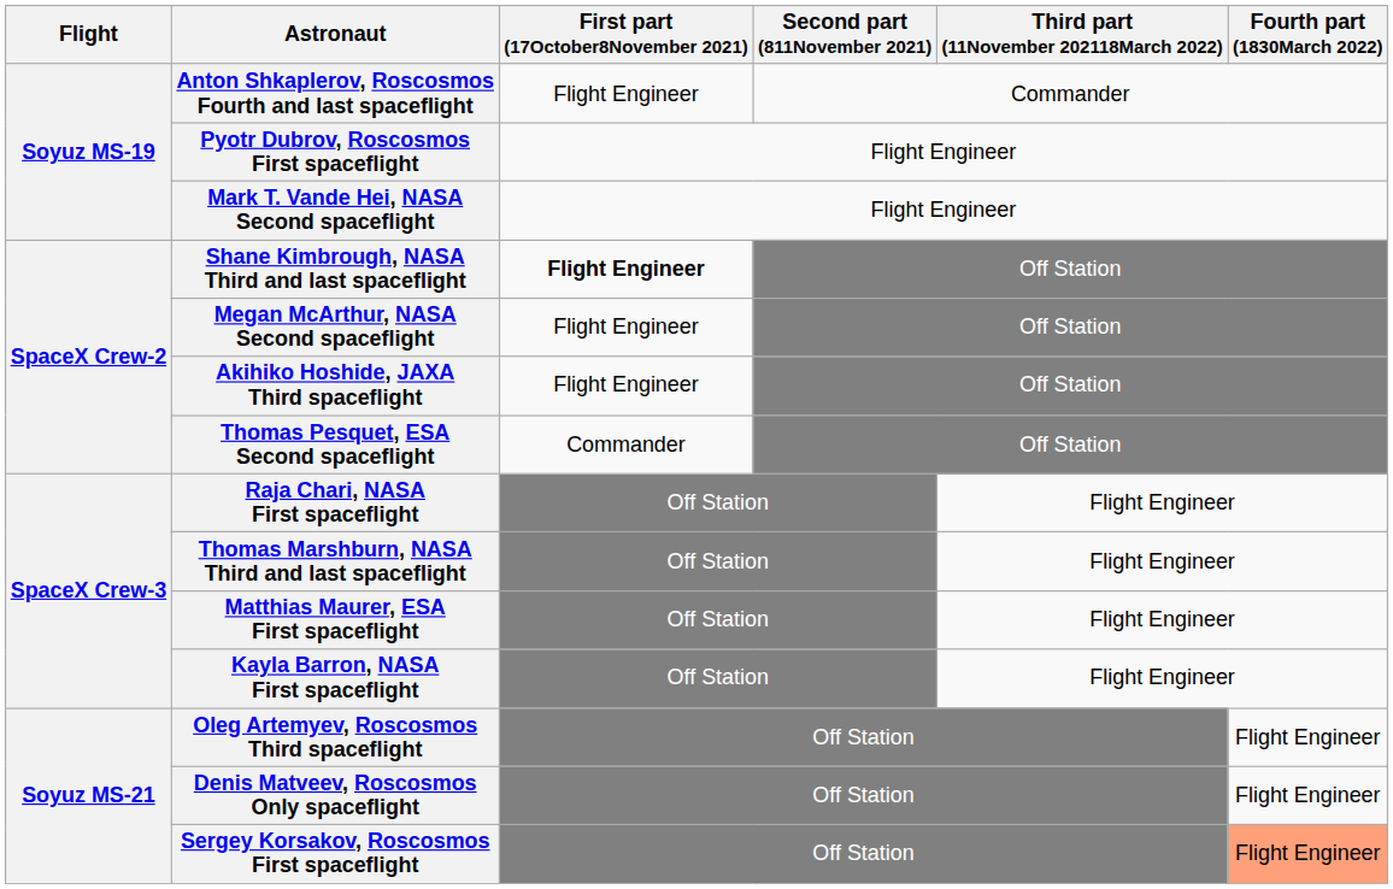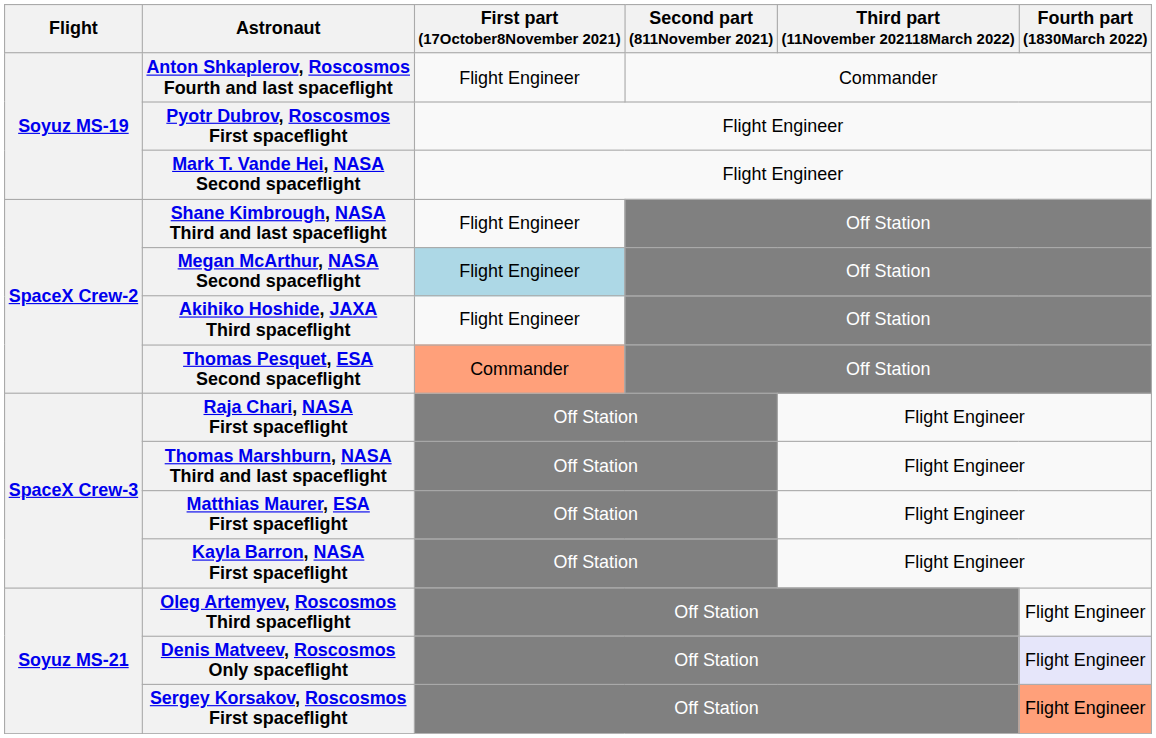 <table class="wikitable"style="text-align:center">
 <tr>
 <th>Flight</th>
 <th>Astronaut</th>
 <th>First part<br><small>(17October8November 2021)</small></th>
 <th>Second part<br><small>(811November 2021)</small></th>
 <th>Third part<br><small>(11November 202118March 2022)</small></th>
 <th>Fourth part<br><small>(1830March 2022)</small></th>
 </tr>
 <tr>
 <th rowspan="3"><a href='#'>Soyuz MS-19</a></th>
 <th> <a href='#'>Anton Shkaplerov</a>, <a href='#'>Roscosmos</a> <br> Fourth and last spaceflight</th>
 <td colspan="1">Flight Engineer</td>
 <td colspan="3">Commander</td>
 </tr>
 <tr>
 <th> <a href='#'>Pyotr Dubrov</a>, <a href='#'>Roscosmos</a> <br> First spaceflight</th>
 <td colspan="4">Flight Engineer</td>
 </tr>
 <tr>
 <th> <a href='#'>Mark T. Vande Hei</a>, <a href='#'>NASA</a> <br> Second spaceflight</th>
 <td colspan="4">Flight Engineer</td>
 </tr>
 <tr>
 <th rowspan="4"><a href='#'>SpaceX Crew-2</a></th>
 <th> <a href='#'>Shane Kimbrough</a>, <a href='#'>NASA</a><br> Third and last spaceflight</th>
-<td colspan="1"><strong>Flight Engineer</strong></td>
+<td colspan="1">Flight Engineer</td>
 <td style="background:grey; color:white;"colspan="3">Off Station</td>
 </tr>
 <tr>
 <th> <a href='#'>Megan McArthur</a>, <a href='#'>NASA</a><br> Second spaceflight</th>
-<td colspan="1">Flight Engineer</td>
+<td colspan="1" style="background: lightblue;">Flight Engineer</td>
 <td style="background:grey; color:white;"colspan="3">Off Station</td>
 </tr>
 <tr>
 <th> <a href='#'>Akihiko Hoshide</a>, <a href='#'>JAXA</a> <br>Third spaceflight</th>
 <td colspan="1">Flight Engineer</td>
 <td style="background:grey; color:white;"colspan="3">Off Station</td>
 </tr>
 <tr>
 <th> <a href='#'>Thomas Pesquet</a>, <a href='#'>ESA</a><br> Second spaceflight</th>
-<td colspan="1">Commander</td>
+<td colspan="1" style="background: lightsalmon;">Commander</td>
 <td style="background:grey; color:white;"colspan="3">Off Station</td>
 </tr>
 <tr>
 <th rowspan="4"><a href='#'>SpaceX Crew-3</a></th>
 <th> <a href='#'>Raja Chari</a>, <a href='#'>NASA</a> <br> First spaceflight</th>
 <td style="background:grey; color:white;"colspan="2">Off Station</td>
 <td colspan="2">Flight Engineer</td>
 </tr>
 <tr>
 <th> <a href='#'>Thomas Marshburn</a>, <a href='#'>NASA</a> <br> Third and last spaceflight</th>
 <td style="background:grey; color:white;"colspan="2">Off Station</td>
 <td colspan="2">Flight Engineer</td>
 </tr>
 <tr>
 <th> <a href='#'>Matthias Maurer</a>, <a href='#'>ESA</a> <br> First spaceflight</th>
 <td style="background:grey; color:white;"colspan="2">Off Station</td>
 <td colspan="2">Flight Engineer</td>
 </tr>
 <tr>
 <th> <a href='#'>Kayla Barron</a>, <a href='#'>NASA</a> <br> First spaceflight</th>
 <td style="background:grey; color:white;"colspan="2">Off Station</td>
 <td colspan="2">Flight Engineer</td>
 </tr>
 <tr>
 <th rowspan="3"><a href='#'>Soyuz MS-21</a></th>
 <th> <a href='#'>Oleg Artemyev</a>, <a href='#'>Roscosmos</a><br> Third spaceflight</th>
 <td style="background:grey; color:white;"colspan="3">Off Station</td>
 <td colspan="1">Flight Engineer</td>
 </tr>
 <tr>
 <th> <a href='#'>Denis Matveev</a>, <a href='#'>Roscosmos</a><br> Only spaceflight</th>
 <td style="background:grey; color:white;"colspan="3">Off Station</td>
-<td colspan="1">Flight Engineer</td>
+<td colspan="1" style="background: lavender;">Flight Engineer</td>
 </tr>
 <tr>
 <th> <a href='#'>Sergey Korsakov</a>, <a href='#'>Roscosmos</a><br> First spaceflight</th>
 <td style="background:grey; color:white;"colspan="3">Off Station</td>
 <td colspan="1" style="background: lightsalmon;">Flight Engineer</td>
 </tr>
 </table>
